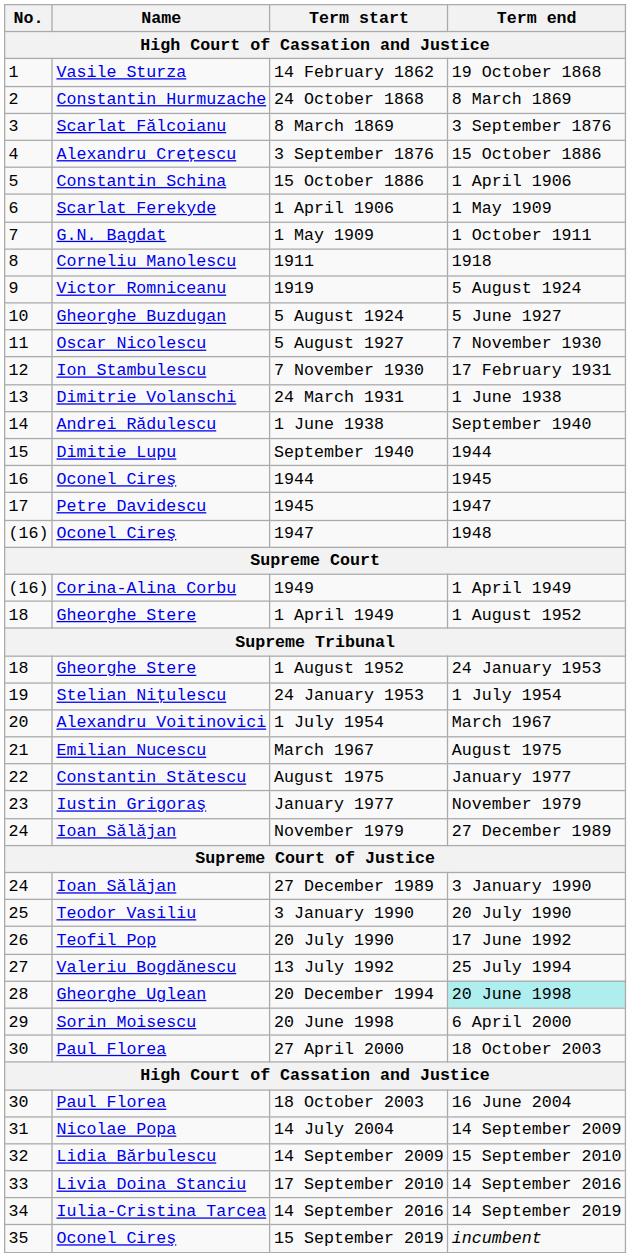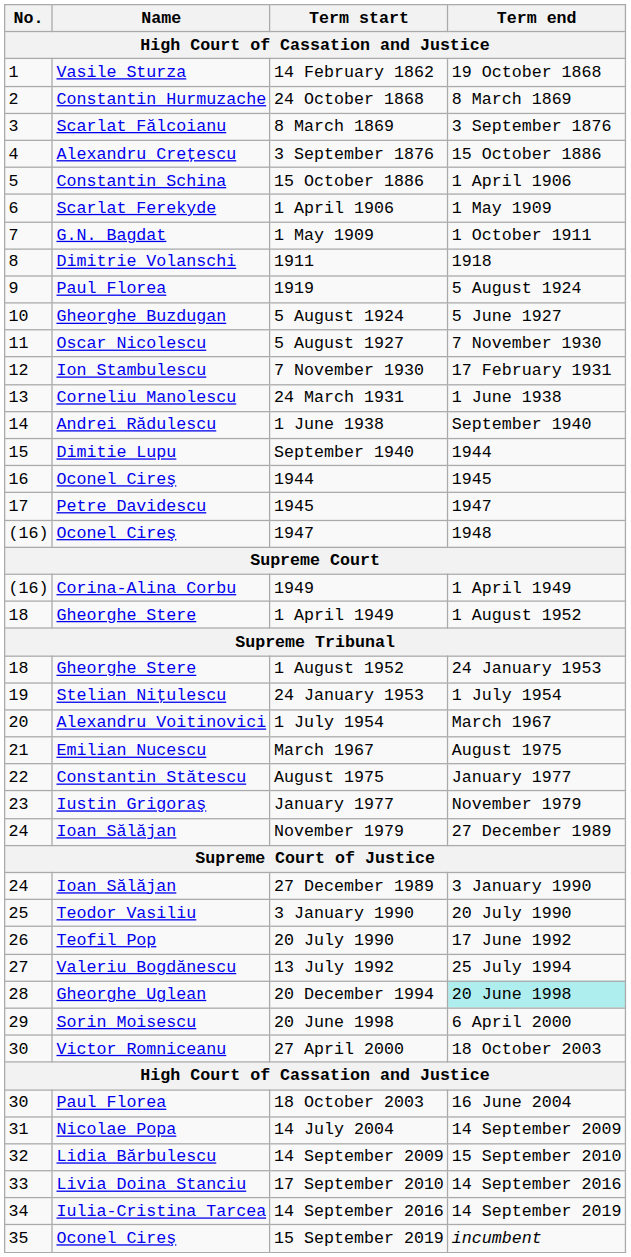 <table class=wikitable>
 <tr>
 <th>No.</th>
 <th>Name</th>
 <th>Term start</th>
 <th>Term end</th>
 </tr>
 <tr>
 <th colspan=4>High Court of Cassation and Justice</th>
 </tr>
 <tr>
 <td>1</td>
 <td><a href='#'>Vasile Sturza</a></td>
 <td>14 February 1862</td>
 <td>19 October 1868</td>
 </tr>
 <tr>
 <td>2</td>
 <td><a href='#'>Constantin Hurmuzache</a></td>
 <td>24 October 1868</td>
 <td>8 March 1869</td>
 </tr>
 <tr>
 <td>3</td>
 <td><a href='#'>Scarlat Fălcoianu</a></td>
 <td>8 March 1869</td>
 <td>3 September 1876</td>
 </tr>
 <tr>
 <td>4</td>
 <td><a href='#'>Alexandru Creţescu</a></td>
 <td>3 September 1876</td>
 <td>15 October 1886</td>
 </tr>
 <tr>
 <td>5</td>
 <td><a href='#'>Constantin Schina</a></td>
 <td>15 October 1886</td>
 <td>1 April 1906</td>
 </tr>
 <tr>
 <td>6</td>
 <td><a href='#'>Scarlat Ferekyde</a></td>
 <td>1 April 1906</td>
 <td>1 May 1909</td>
 </tr>
 <tr>
 <td>7</td>
 <td><a href='#'>G.N. Bagdat</a></td>
 <td>1 May 1909</td>
 <td>1 October 1911</td>
 </tr>
 <tr>
 <td>8</td>
-<td><a href='#'>Corneliu Manolescu</a></td>
+<td><a href='#'>Dimitrie Volanschi</a></td>
 <td>1911</td>
 <td>1918</td>
 </tr>
 <tr>
 <td>9</td>
-<td><a href='#'>Victor Romniceanu</a></td>
+<td><a href='#'>Paul Florea</a></td>
 <td>1919</td>
 <td>5 August 1924</td>
 </tr>
 <tr>
 <td>10</td>
 <td><a href='#'>Gheorghe Buzdugan</a></td>
 <td>5 August 1924</td>
 <td>5 June 1927</td>
 </tr>
 <tr>
 <td>11</td>
 <td><a href='#'>Oscar Nicolescu</a></td>
 <td>5 August 1927</td>
 <td>7 November 1930</td>
 </tr>
 <tr>
 <td>12</td>
 <td><a href='#'>Ion Stambulescu</a></td>
 <td>7 November 1930</td>
 <td>17 February 1931</td>
 </tr>
 <tr>
 <td>13</td>
-<td><a href='#'>Dimitrie Volanschi</a></td>
+<td><a href='#'>Corneliu Manolescu</a></td>
 <td>24 March 1931</td>
 <td>1 June 1938</td>
 </tr>
 <tr>
 <td>14</td>
 <td><a href='#'>Andrei Rădulescu</a></td>
 <td>1 June 1938</td>
 <td>September 1940</td>
 </tr>
 <tr>
 <td>15</td>
 <td><a href='#'>Dimitie Lupu</a></td>
 <td>September 1940</td>
 <td>1944</td>
 </tr>
 <tr>
 <td>16</td>
 <td><a href='#'>Oconel Cireş</a></td>
 <td>1944</td>
 <td>1945</td>
 </tr>
 <tr>
 <td>17</td>
 <td><a href='#'>Petre Davidescu</a></td>
 <td>1945</td>
 <td>1947</td>
 </tr>
 <tr>
 <td>(16)</td>
 <td><a href='#'>Oconel Cireş</a></td>
 <td>1947</td>
 <td>1948</td>
 </tr>
 <tr>
 <th Colspan=4>Supreme Court</th>
 </tr>
 <tr>
 <td>(16)</td>
 <td><a href='#'>Corina-Alina Corbu</a></td>
 <td>1949</td>
 <td>1 April 1949</td>
 </tr>
 <tr>
 <td>18</td>
 <td><a href='#'>Gheorghe Stere</a></td>
 <td>1 April 1949</td>
 <td>1 August 1952</td>
 </tr>
 <tr>
 <th Colspan=4>Supreme Tribunal</th>
 </tr>
 <tr>
 <td>18</td>
 <td><a href='#'>Gheorghe Stere</a></td>
 <td>1 August 1952</td>
 <td>24 January 1953</td>
 </tr>
 <tr>
 <td>19</td>
 <td><a href='#'>Stelian Niţulescu</a></td>
 <td>24 January 1953</td>
 <td>1 July 1954</td>
 </tr>
 <tr>
 <td>20</td>
 <td><a href='#'>Alexandru Voitinovici</a></td>
 <td>1 July 1954</td>
 <td>March 1967</td>
 </tr>
 <tr>
 <td>21</td>
 <td><a href='#'>Emilian Nucescu</a></td>
 <td>March 1967</td>
 <td>August 1975</td>
 </tr>
 <tr>
 <td>22</td>
 <td><a href='#'>Constantin Stătescu</a></td>
 <td>August 1975</td>
 <td>January 1977</td>
 </tr>
 <tr>
 <td>23</td>
 <td><a href='#'>Iustin Grigoraş</a></td>
 <td>January 1977</td>
 <td>November 1979</td>
 </tr>
 <tr>
 <td>24</td>
 <td><a href='#'>Ioan Sălăjan</a></td>
 <td>November 1979</td>
 <td>27 December 1989</td>
 </tr>
 <tr>
 <th Colspan=4>Supreme Court of Justice</th>
 </tr>
 <tr>
 <td>24</td>
 <td><a href='#'>Ioan Sălăjan</a></td>
 <td>27 December 1989</td>
 <td>3 January 1990</td>
 </tr>
 <tr>
 <td>25</td>
 <td><a href='#'>Teodor Vasiliu</a></td>
 <td>3 January 1990</td>
 <td>20 July 1990</td>
 </tr>
 <tr>
 <td>26</td>
 <td><a href='#'>Teofil Pop</a></td>
 <td>20 July 1990</td>
 <td>17 June 1992</td>
 </tr>
 <tr>
 <td>27</td>
 <td><a href='#'>Valeriu Bogdănescu</a></td>
 <td>13 July 1992</td>
 <td>25 July 1994</td>
 </tr>
 <tr>
 <td>28</td>
 <td><a href='#'>Gheorghe Uglean</a></td>
 <td>20 December 1994</td>
 <td style="background: paleturquoise;">20 June 1998</td>
 </tr>
 <tr>
 <td>29</td>
 <td><a href='#'>Sorin Moisescu</a></td>
 <td>20 June 1998</td>
 <td>6 April 2000</td>
 </tr>
 <tr>
 <td>30</td>
-<td><a href='#'>Paul Florea</a></td>
+<td><a href='#'>Victor Romniceanu</a></td>
 <td>27 April 2000</td>
 <td>18 October 2003</td>
 </tr>
 <tr>
 <th colspan=4>High Court of Cassation and Justice</th>
 </tr>
 <tr>
 <td>30</td>
 <td><a href='#'>Paul Florea</a></td>
 <td>18 October 2003</td>
 <td>16 June 2004</td>
 </tr>
 <tr>
 <td>31</td>
 <td><a href='#'>Nicolae Popa</a></td>
 <td>14 July 2004</td>
 <td>14 September 2009</td>
 </tr>
 <tr>
 <td>32</td>
 <td><a href='#'>Lidia Bărbulescu</a></td>
 <td>14 September 2009</td>
 <td>15 September 2010</td>
 </tr>
 <tr>
 <td>33</td>
 <td><a href='#'>Livia Doina Stanciu</a></td>
 <td>17 September 2010</td>
 <td>14 September 2016</td>
 </tr>
 <tr>
 <td>34</td>
 <td><a href='#'>Iulia-Cristina Tarcea</a></td>
 <td>14 September 2016</td>
 <td>14 September 2019</td>
 </tr>
 <tr>
 <td>35</td>
 <td><a href='#'>Oconel Cireş</a></td>
 <td>15 September 2019</td>
 <td><em>incumbent</em></td>
 </tr>
 </table>
